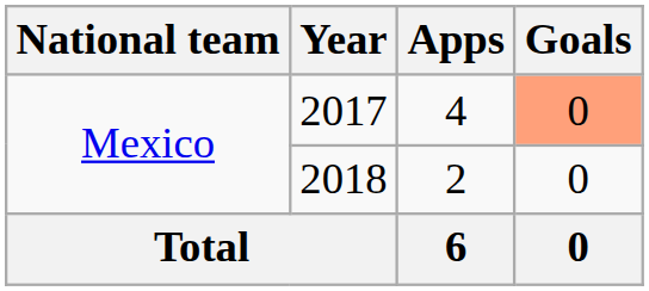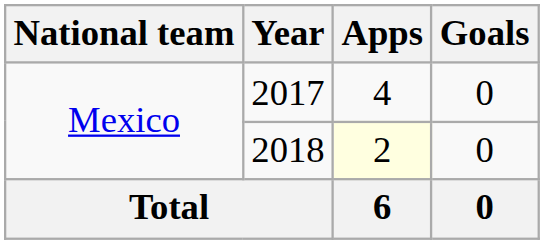 <table class="wikitable" style="text-align: center;">
 <tr>
 <th>National team</th>
 <th>Year</th>
 <th>Apps</th>
 <th>Goals</th>
 </tr>
 <tr>
 <td rowspan="2" valign="center"><a href='#'>Mexico</a></td>
 <td>2017</td>
 <td>4</td>
-<td style="background: lightsalmon;">0</td>
+<td>0</td>
 </tr>
 <tr>
 <td>2018</td>
-<td>2</td>
+<td style="background: lightyellow;">2</td>
 <td>0</td>
 </tr>
 <tr>
 <th colspan="2">Total</th>
 <th>6</th>
 <th>0</th>
 </tr>
 </table>
